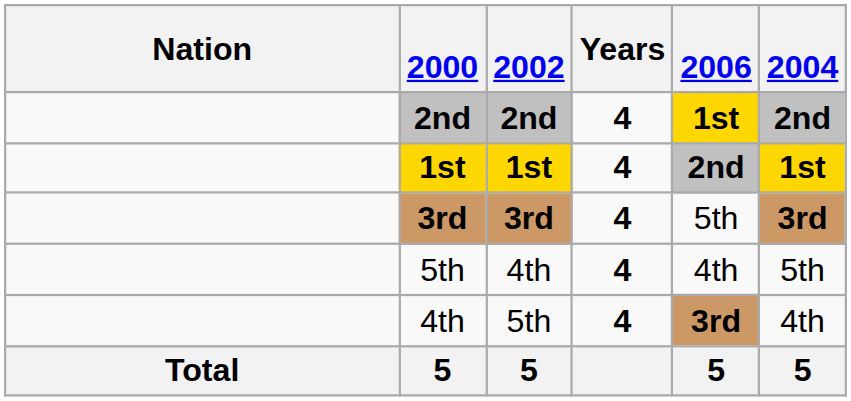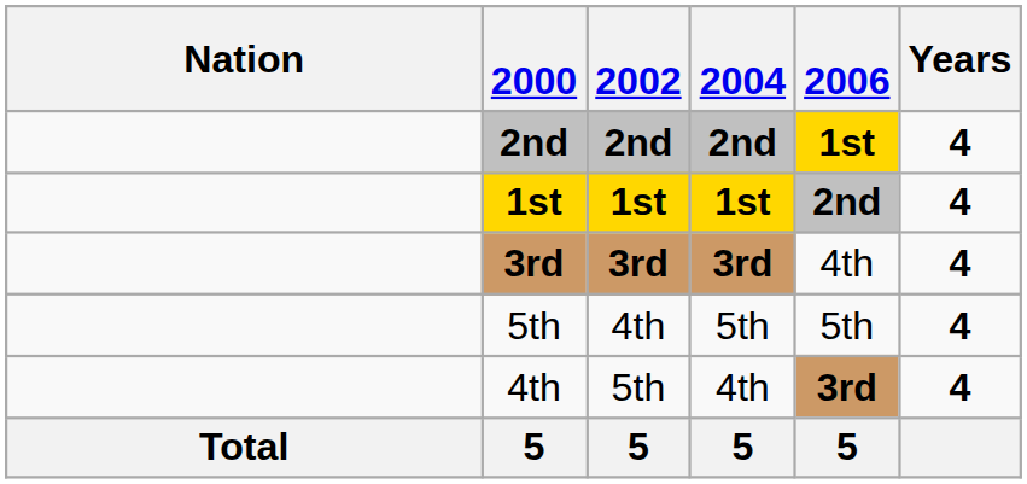 <table class="wikitable" style="text-align:center; font-size:90%">
 <tr>
 <th width=170>Nation</th>
 <th><br><a href='#'>2000</a></th>
 <th><br><a href='#'>2002</a></th>
+<th><br><a href='#'>2004</a></th>
+<th><br><a href='#'>2006</a></th>
 <th>Years</th>
-<th><br><a href='#'>2006</a></th>
-<th><br><a href='#'>2004</a></th>
 </tr>
 <tr>
 <td align=left></td>
 <td bgcolor=silver><strong>2nd</strong></td>
 <td bgcolor=silver><strong>2nd</strong></td>
+<td bgcolor=silver><strong>2nd</strong></td>
+<td bgcolor=gold><strong>1st</strong></td>
 <td><strong>4</strong></td>
-<td bgcolor=gold><strong>1st</strong></td>
-<td bgcolor=silver><strong>2nd</strong></td>
 </tr>
 <tr>
 <td align=left></td>
 <td bgcolor=gold><strong>1st</strong></td>
 <td bgcolor=gold><strong>1st</strong></td>
+<td bgcolor=gold><strong>1st</strong></td>
+<td bgcolor=silver><strong>2nd</strong></td>
 <td><strong>4</strong></td>
-<td bgcolor=silver><strong>2nd</strong></td>
-<td bgcolor=gold><strong>1st</strong></td>
 </tr>
 <tr>
 <td align=left></td>
 <td bgcolor=#cc9966><strong>3rd</strong></td>
 <td bgcolor=#cc9966><strong>3rd</strong></td>
+<td bgcolor=#cc9966><strong>3rd</strong></td>
+<td>4th</td>
 <td><strong>4</strong></td>
-<td>5th</td>
-<td bgcolor=#cc9966><strong>3rd</strong></td>
 </tr>
 <tr>
 <td align=left></td>
 <td>5th</td>
 <td>4th</td>
+<td>5th</td>
+<td>5th</td>
 <td><strong>4</strong></td>
-<td>4th</td>
-<td>5th</td>
 </tr>
 <tr>
 <td align=left></td>
 <td>4th</td>
 <td>5th</td>
+<td>4th</td>
+<td bgcolor=#cc9966><strong>3rd</strong></td>
 <td><strong>4</strong></td>
-<td bgcolor=#cc9966><strong>3rd</strong></td>
-<td>4th</td>
 </tr>
 <tr>
 <th>Total</th>
 <th>5</th>
 <th>5</th>
-<th></th>
 <th>5</th>
 <th>5</th>
+<th></th>
 </tr>
 </table>
